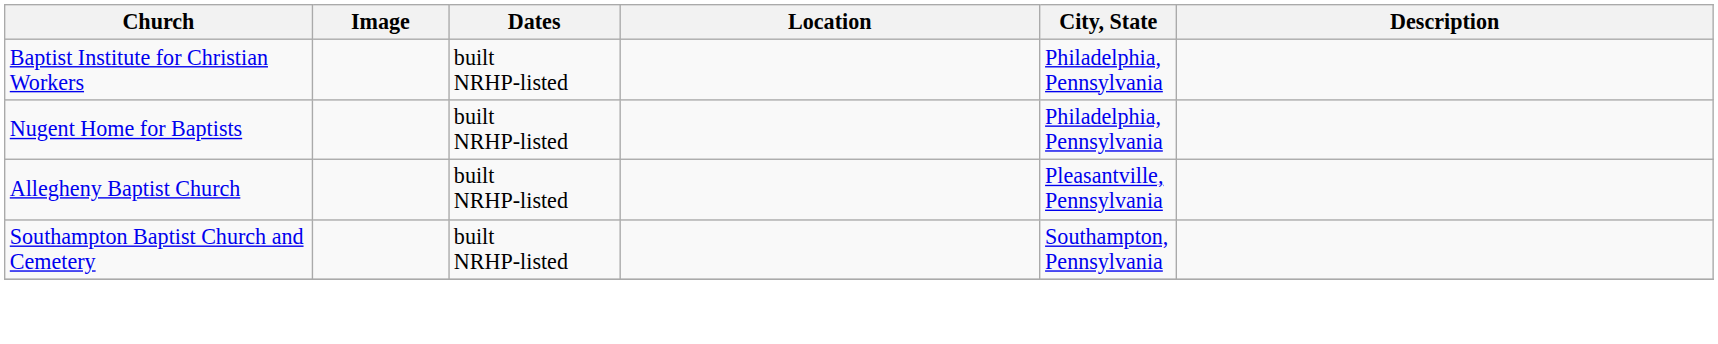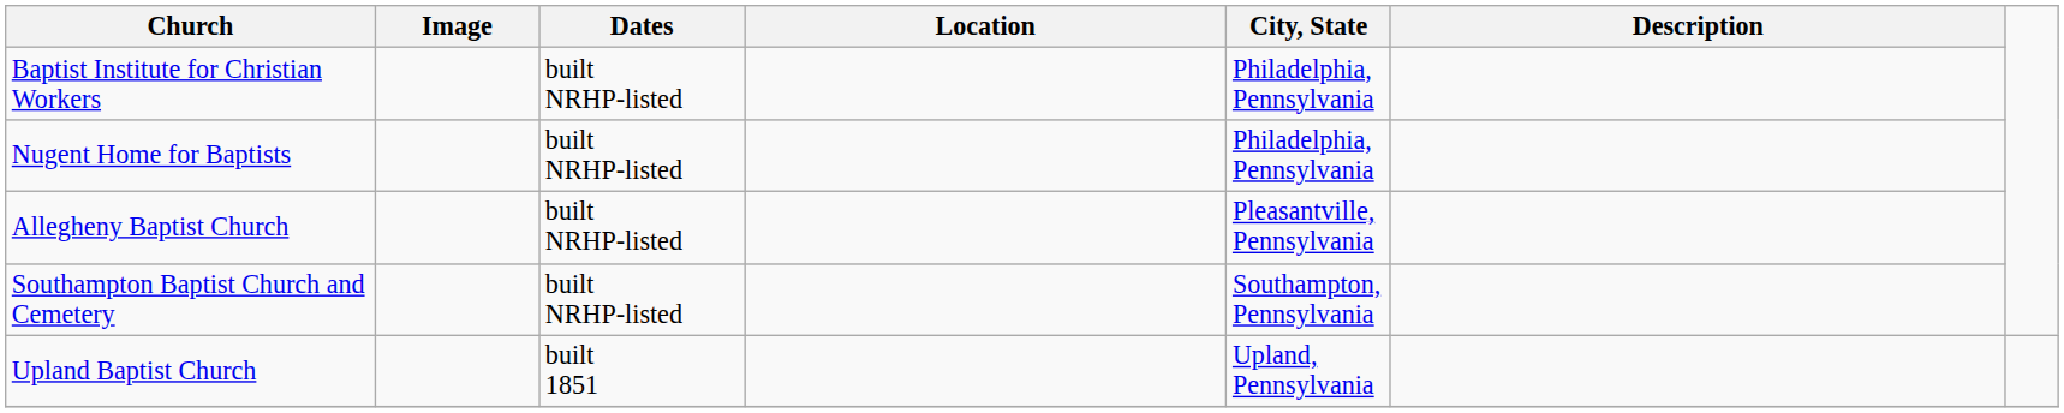 <table class="wikitable sortable" style="width:98%">
 <tr>
 <th width = 18%><strong>Church</strong></th>
 <th width = 8% class="unsortable"><strong>Image</strong></th>
 <th width = 10%><strong>Dates</strong></th>
 <th><strong>Location</strong></th>
 <th width = 8%><strong>City, State</strong></th>
 <th class="unsortable"><strong>Description</strong></th>
 </tr>
 <tr ->
 <td><a href='#'>Baptist Institute for Christian Workers</a></td>
 <td></td>
 <td>built<br> NRHP-listed</td>
 <td></td>
 <td><a href='#'>Philadelphia, Pennsylvania</a></td>
 <td></td>
 </tr>
 <tr ->
 <td><a href='#'>Nugent Home for Baptists</a></td>
 <td></td>
 <td>built<br> NRHP-listed</td>
 <td></td>
 <td><a href='#'>Philadelphia, Pennsylvania</a></td>
 <td></td>
 </tr>
 <tr ->
 <td><a href='#'>Allegheny Baptist Church</a></td>
 <td></td>
 <td>built<br> NRHP-listed</td>
 <td></td>
 <td><a href='#'>Pleasantville, Pennsylvania</a></td>
 <td></td>
 </tr>
 <tr ->
 <td><a href='#'>Southampton Baptist Church and Cemetery</a></td>
 <td></td>
 <td>built<br> NRHP-listed</td>
 <td></td>
 <td><a href='#'>Southampton, Pennsylvania</a></td>
 <td></td>
 </tr>
 <tr ->
+<td><a href='#'>Upland Baptist Church</a></td>
+<td></td>
+<td>built<br>1851</td>
+<td></td>
+<td><a href='#'>Upland, Pennsylvania</a></td>
+<td></td>
+<td></td>
+</tr>
+<tr ->
 </tr>
 </table>
